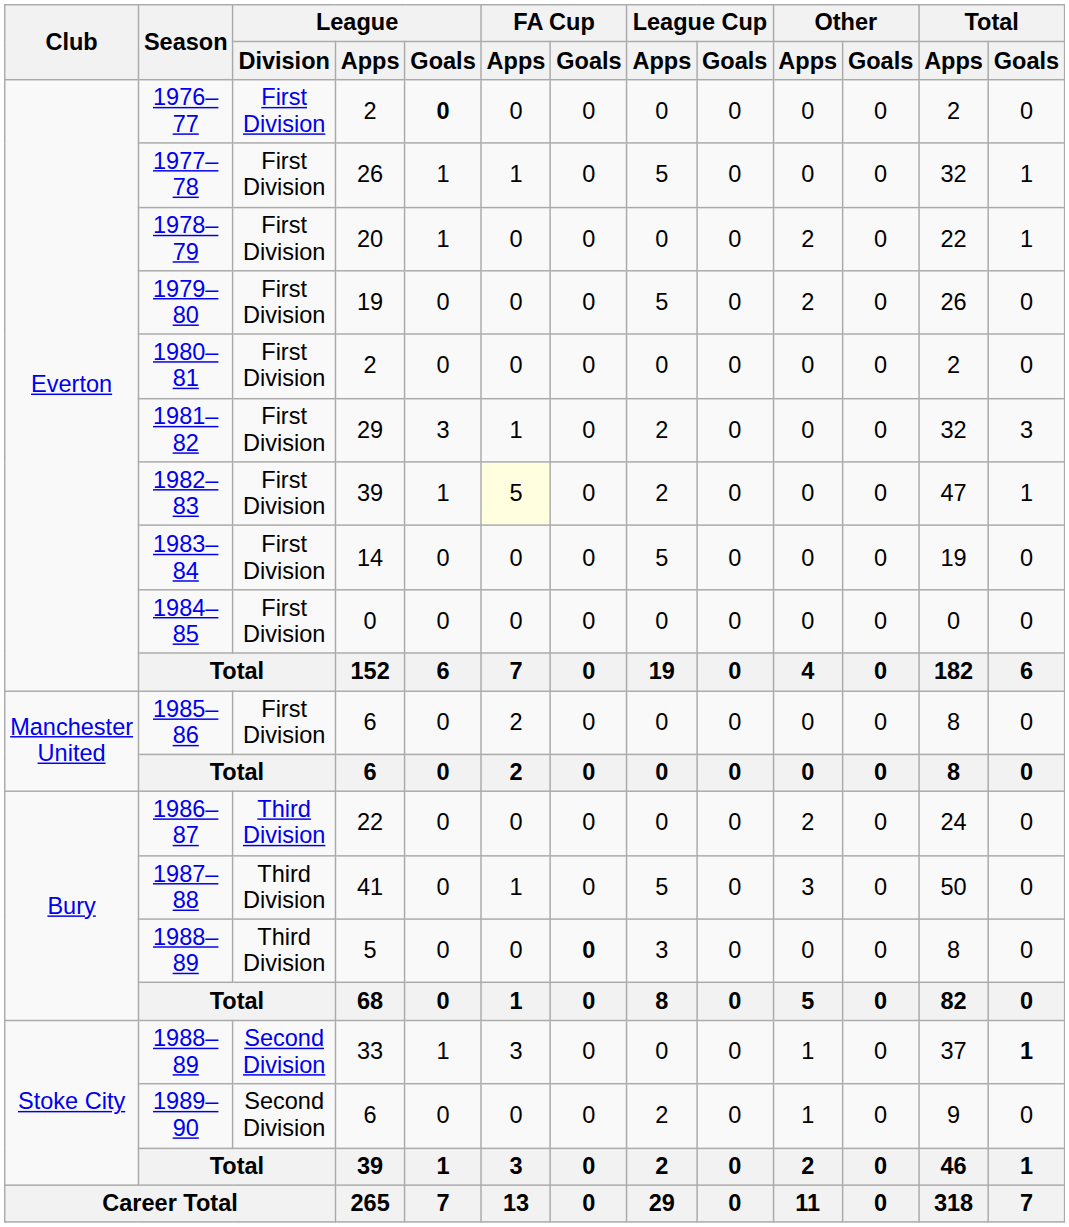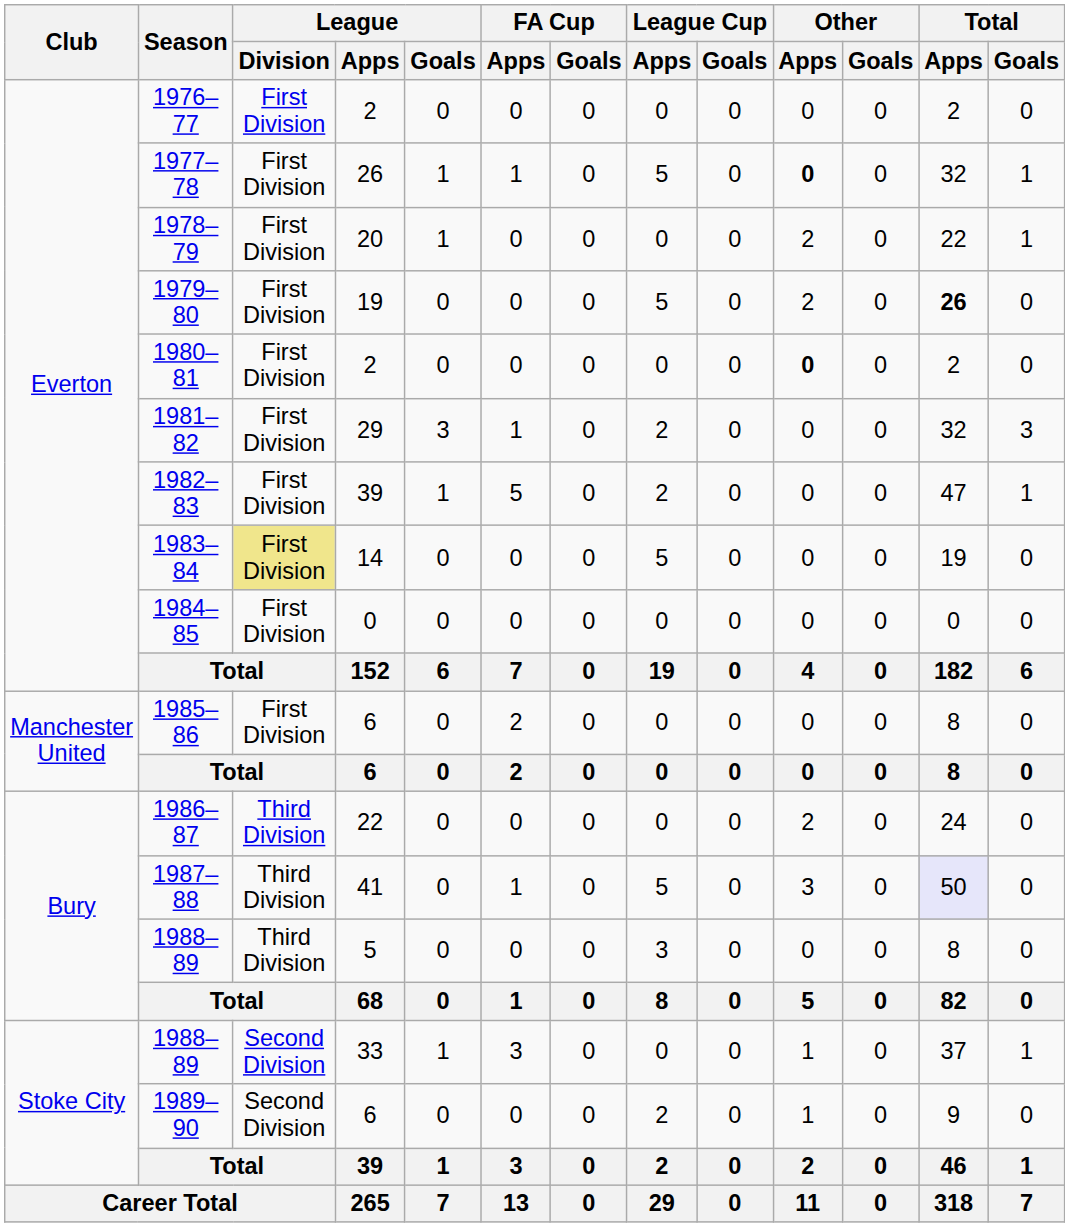 <table class="wikitable" style="text-align: center;">
 <tr>
 <th rowspan="2">Club</th>
 <th rowspan="2">Season</th>
 <th colspan="3">League</th>
 <th colspan="2">FA Cup</th>
 <th colspan="2">League Cup</th>
 <th colspan="2">Other</th>
 <th colspan="2">Total</th>
 </tr>
 <tr>
 <th>Division</th>
 <th>Apps</th>
 <th>Goals</th>
 <th>Apps</th>
 <th>Goals</th>
 <th>Apps</th>
 <th>Goals</th>
 <th>Apps</th>
 <th>Goals</th>
 <th>Apps</th>
 <th>Goals</th>
 </tr>
 <tr>
 <td rowspan="10"><a href='#'>Everton</a></td>
 <td><a href='#'>1976–77</a></td>
 <td><a href='#'>First Division</a></td>
 <td>2</td>
-<td><strong>0</strong></td>
+<td>0</td>
 <td>0</td>
 <td>0</td>
 <td>0</td>
 <td>0</td>
 <td>0</td>
 <td>0</td>
 <td>2</td>
 <td>0</td>
 </tr>
 <tr>
 <td><a href='#'>1977–78</a></td>
 <td>First Division</td>
 <td>26</td>
 <td>1</td>
 <td>1</td>
 <td>0</td>
 <td>5</td>
 <td>0</td>
-<td>0</td>
+<td><strong>0</strong></td>
 <td>0</td>
 <td>32</td>
 <td>1</td>
 </tr>
 <tr>
 <td><a href='#'>1978–79</a></td>
 <td>First Division</td>
 <td>20</td>
 <td>1</td>
 <td>0</td>
 <td>0</td>
 <td>0</td>
 <td>0</td>
 <td>2</td>
 <td>0</td>
 <td>22</td>
 <td>1</td>
 </tr>
 <tr>
 <td><a href='#'>1979–80</a></td>
 <td>First Division</td>
 <td>19</td>
 <td>0</td>
 <td>0</td>
 <td>0</td>
 <td>5</td>
 <td>0</td>
 <td>2</td>
 <td>0</td>
-<td>26</td>
+<td><strong>26</strong></td>
 <td>0</td>
 </tr>
 <tr>
 <td><a href='#'>1980–81</a></td>
 <td>First Division</td>
 <td>2</td>
 <td>0</td>
 <td>0</td>
 <td>0</td>
 <td>0</td>
 <td>0</td>
-<td>0</td>
+<td><strong>0</strong></td>
 <td>0</td>
 <td>2</td>
 <td>0</td>
 </tr>
 <tr>
 <td><a href='#'>1981–82</a></td>
 <td>First Division</td>
 <td>29</td>
 <td>3</td>
 <td>1</td>
 <td>0</td>
 <td>2</td>
 <td>0</td>
 <td>0</td>
 <td>0</td>
 <td>32</td>
 <td>3</td>
 </tr>
 <tr>
 <td><a href='#'>1982–83</a></td>
 <td>First Division</td>
 <td>39</td>
 <td>1</td>
-<td style="background: lightyellow;">5</td>
+<td>5</td>
 <td>0</td>
 <td>2</td>
 <td>0</td>
 <td>0</td>
 <td>0</td>
 <td>47</td>
 <td>1</td>
 </tr>
 <tr>
 <td><a href='#'>1983–84</a></td>
-<td>First Division</td>
+<td style="background: khaki;">First Division</td>
 <td>14</td>
 <td>0</td>
 <td>0</td>
 <td>0</td>
 <td>5</td>
 <td>0</td>
 <td>0</td>
 <td>0</td>
 <td>19</td>
 <td>0</td>
 </tr>
 <tr>
 <td><a href='#'>1984–85</a></td>
 <td>First Division</td>
 <td>0</td>
 <td>0</td>
 <td>0</td>
 <td>0</td>
 <td>0</td>
 <td>0</td>
 <td>0</td>
 <td>0</td>
 <td>0</td>
 <td>0</td>
 </tr>
 <tr>
 <th colspan="2">Total</th>
 <th>152</th>
 <th>6</th>
 <th>7</th>
 <th>0</th>
 <th>19</th>
 <th>0</th>
 <th>4</th>
 <th>0</th>
 <th>182</th>
 <th>6</th>
 </tr>
 <tr>
 <td rowspan="2"><a href='#'>Manchester United</a></td>
 <td><a href='#'>1985–86</a></td>
 <td>First Division</td>
 <td>6</td>
 <td>0</td>
 <td>2</td>
 <td>0</td>
 <td>0</td>
 <td>0</td>
 <td>0</td>
 <td>0</td>
 <td>8</td>
 <td>0</td>
 </tr>
 <tr>
 <th colspan="2">Total</th>
 <th>6</th>
 <th>0</th>
 <th>2</th>
 <th>0</th>
 <th>0</th>
 <th>0</th>
 <th>0</th>
 <th>0</th>
 <th>8</th>
 <th>0</th>
 </tr>
 <tr>
 <td rowspan="4"><a href='#'>Bury</a></td>
 <td><a href='#'>1986–87</a></td>
 <td><a href='#'>Third Division</a></td>
 <td>22</td>
 <td>0</td>
 <td>0</td>
 <td>0</td>
 <td>0</td>
 <td>0</td>
 <td>2</td>
 <td>0</td>
 <td>24</td>
 <td>0</td>
 </tr>
 <tr>
 <td><a href='#'>1987–88</a></td>
 <td>Third Division</td>
 <td>41</td>
 <td>0</td>
 <td>1</td>
 <td>0</td>
 <td>5</td>
 <td>0</td>
 <td>3</td>
 <td>0</td>
-<td>50</td>
+<td style="background: lavender;">50</td>
 <td>0</td>
 </tr>
 <tr>
 <td><a href='#'>1988–89</a></td>
 <td>Third Division</td>
 <td>5</td>
 <td>0</td>
 <td>0</td>
-<td><strong>0</strong></td>
+<td>0</td>
 <td>3</td>
 <td>0</td>
 <td>0</td>
 <td>0</td>
 <td>8</td>
 <td>0</td>
 </tr>
 <tr>
 <th colspan="2">Total</th>
 <th>68</th>
 <th>0</th>
 <th>1</th>
 <th>0</th>
 <th>8</th>
 <th>0</th>
 <th>5</th>
 <th>0</th>
 <th>82</th>
 <th>0</th>
 </tr>
 <tr>
 <td rowspan="3"><a href='#'>Stoke City</a></td>
 <td><a href='#'>1988–89</a></td>
 <td><a href='#'>Second Division</a></td>
 <td>33</td>
 <td>1</td>
 <td>3</td>
 <td>0</td>
 <td>0</td>
 <td>0</td>
 <td>1</td>
 <td>0</td>
 <td>37</td>
-<td><strong>1</strong></td>
+<td>1</td>
 </tr>
 <tr>
 <td><a href='#'>1989–90</a></td>
 <td>Second Division</td>
 <td>6</td>
 <td>0</td>
 <td>0</td>
 <td>0</td>
 <td>2</td>
 <td>0</td>
 <td>1</td>
 <td>0</td>
 <td>9</td>
 <td>0</td>
 </tr>
 <tr>
 <th colspan="2">Total</th>
 <th>39</th>
 <th>1</th>
 <th>3</th>
 <th>0</th>
 <th>2</th>
 <th>0</th>
 <th>2</th>
 <th>0</th>
 <th>46</th>
 <th>1</th>
 </tr>
 <tr>
 <th colspan="3">Career Total</th>
 <th>265</th>
 <th>7</th>
 <th>13</th>
 <th>0</th>
 <th>29</th>
 <th>0</th>
 <th>11</th>
 <th>0</th>
 <th>318</th>
 <th>7</th>
 </tr>
 </table>
